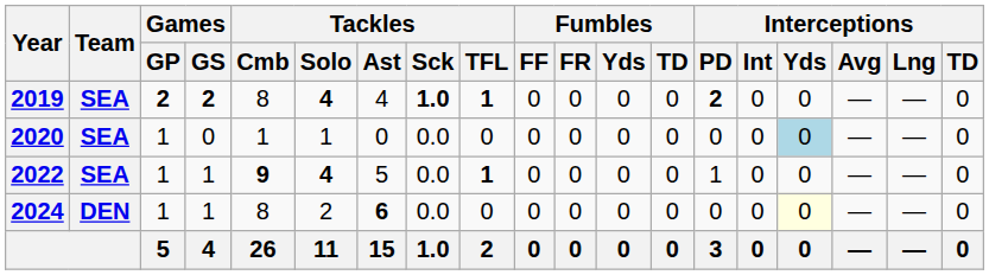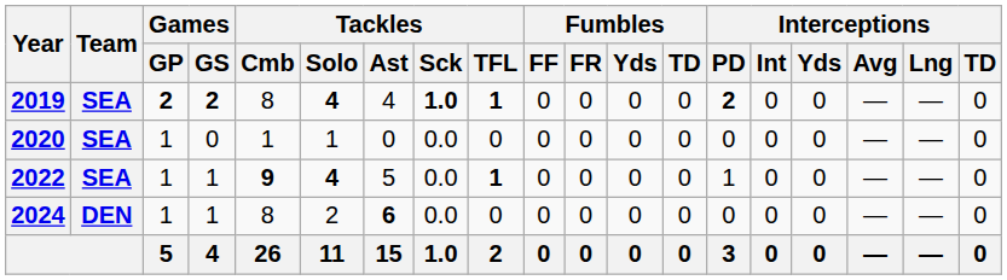 <table class= "wikitable" style="text-align:center;">
 <tr>
 <th rowspan="2">Year</th>
 <th rowspan="2">Team</th>
 <th colspan="2">Games</th>
 <th colspan="5">Tackles</th>
 <th colspan="4">Fumbles</th>
 <th colspan="6">Interceptions</th>
 </tr>
 <tr>
 <th>GP</th>
 <th>GS</th>
 <th>Cmb</th>
 <th>Solo</th>
 <th>Ast</th>
 <th>Sck</th>
 <th>TFL</th>
 <th>FF</th>
 <th>FR</th>
 <th>Yds</th>
 <th>TD</th>
 <th>PD</th>
 <th>Int</th>
 <th>Yds</th>
 <th>Avg</th>
 <th>Lng</th>
 <th>TD</th>
 </tr>
 <tr>
 <th><a href='#'>2019</a></th>
 <th><a href='#'>SEA</a></th>
 <td><strong>2</strong></td>
 <td><strong>2</strong></td>
 <td>8</td>
 <td><strong>4</strong></td>
 <td>4</td>
 <td><strong>1.0</strong></td>
 <td><strong>1</strong></td>
 <td>0</td>
 <td>0</td>
 <td>0</td>
 <td>0</td>
 <td><strong>2</strong></td>
 <td>0</td>
 <td>0</td>
 <td>—</td>
 <td>—</td>
 <td>0</td>
 </tr>
 <tr>
 <th><a href='#'>2020</a></th>
 <th><a href='#'>SEA</a></th>
 <td>1</td>
 <td>0</td>
 <td>1</td>
 <td>1</td>
 <td>0</td>
 <td>0.0</td>
 <td>0</td>
 <td>0</td>
 <td>0</td>
 <td>0</td>
 <td>0</td>
 <td>0</td>
 <td>0</td>
-<td style="background: lightblue;">0</td>
+<td>0</td>
 <td>—</td>
 <td>—</td>
 <td>0</td>
 </tr>
 <tr>
 <th><a href='#'>2022</a></th>
 <th><a href='#'>SEA</a></th>
 <td>1</td>
 <td>1</td>
 <td><strong>9</strong></td>
 <td><strong>4</strong></td>
 <td>5</td>
 <td>0.0</td>
 <td><strong>1</strong></td>
 <td>0</td>
 <td>0</td>
 <td>0</td>
 <td>0</td>
 <td>1</td>
 <td>0</td>
 <td>0</td>
 <td>—</td>
 <td>—</td>
 <td>0</td>
 </tr>
 <tr>
 <th><a href='#'>2024</a></th>
 <th><a href='#'>DEN</a></th>
 <td>1</td>
 <td>1</td>
 <td>8</td>
 <td>2</td>
 <td><strong>6</strong></td>
 <td>0.0</td>
 <td>0</td>
 <td>0</td>
 <td>0</td>
 <td>0</td>
 <td>0</td>
 <td>0</td>
 <td>0</td>
-<td style="background: lightyellow;">0</td>
+<td>0</td>
 <td>—</td>
 <td>—</td>
 <td>0</td>
 </tr>
 <tr>
 <th colspan="2"></th>
 <th>5</th>
 <th>4</th>
 <th>26</th>
 <th>11</th>
 <th>15</th>
 <th>1.0</th>
 <th>2</th>
 <th>0</th>
 <th>0</th>
 <th>0</th>
 <th>0</th>
 <th>3</th>
 <th>0</th>
 <th>0</th>
 <th>—</th>
 <th>—</th>
 <th>0</th>
 </tr>
 </table>
